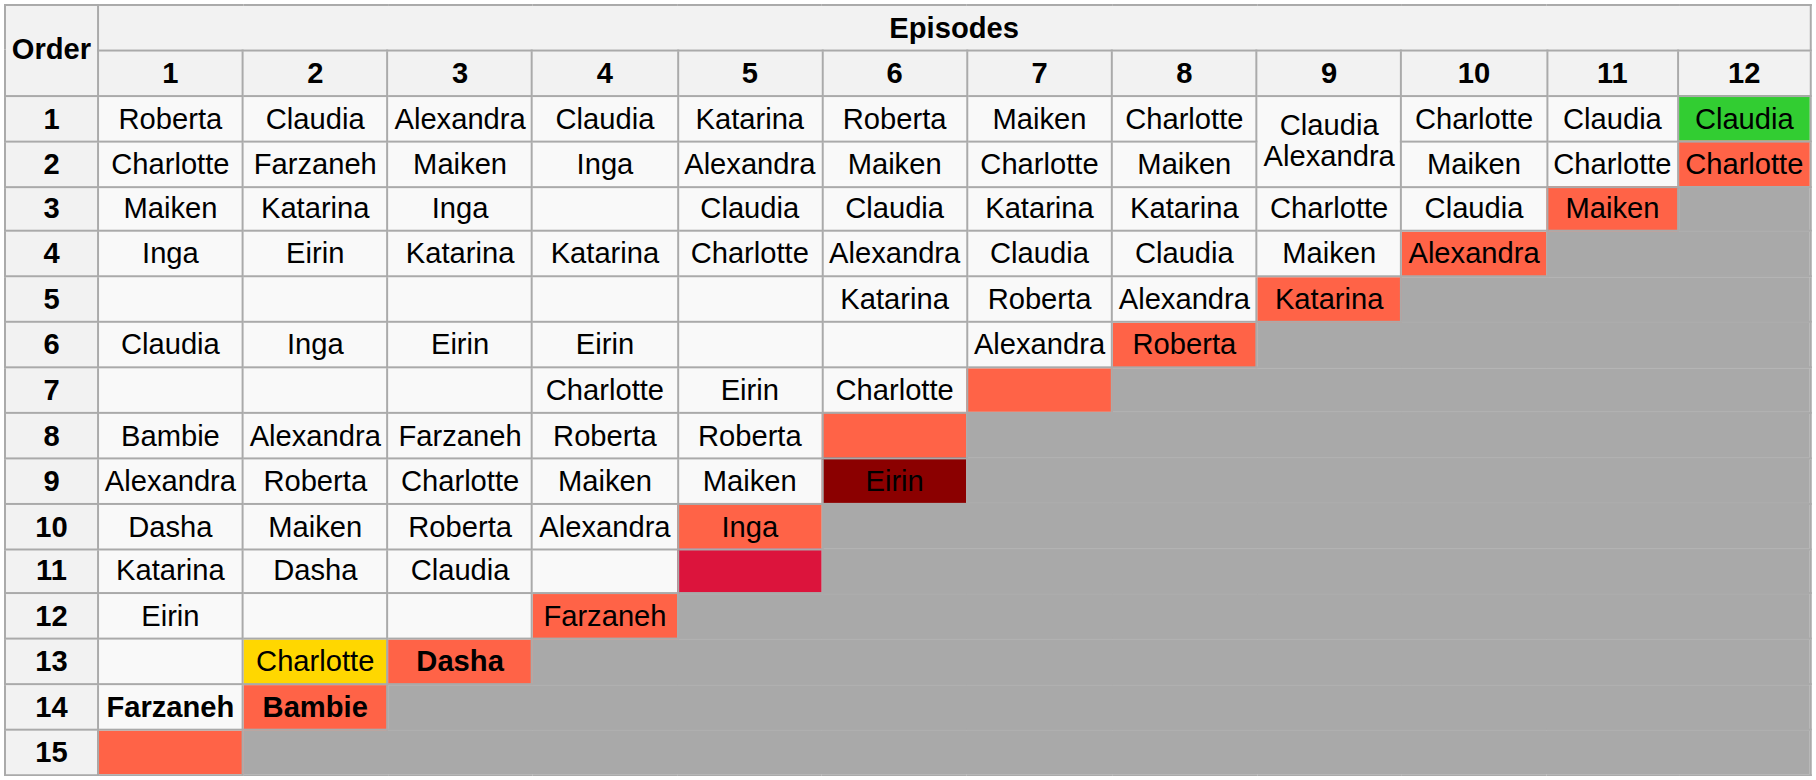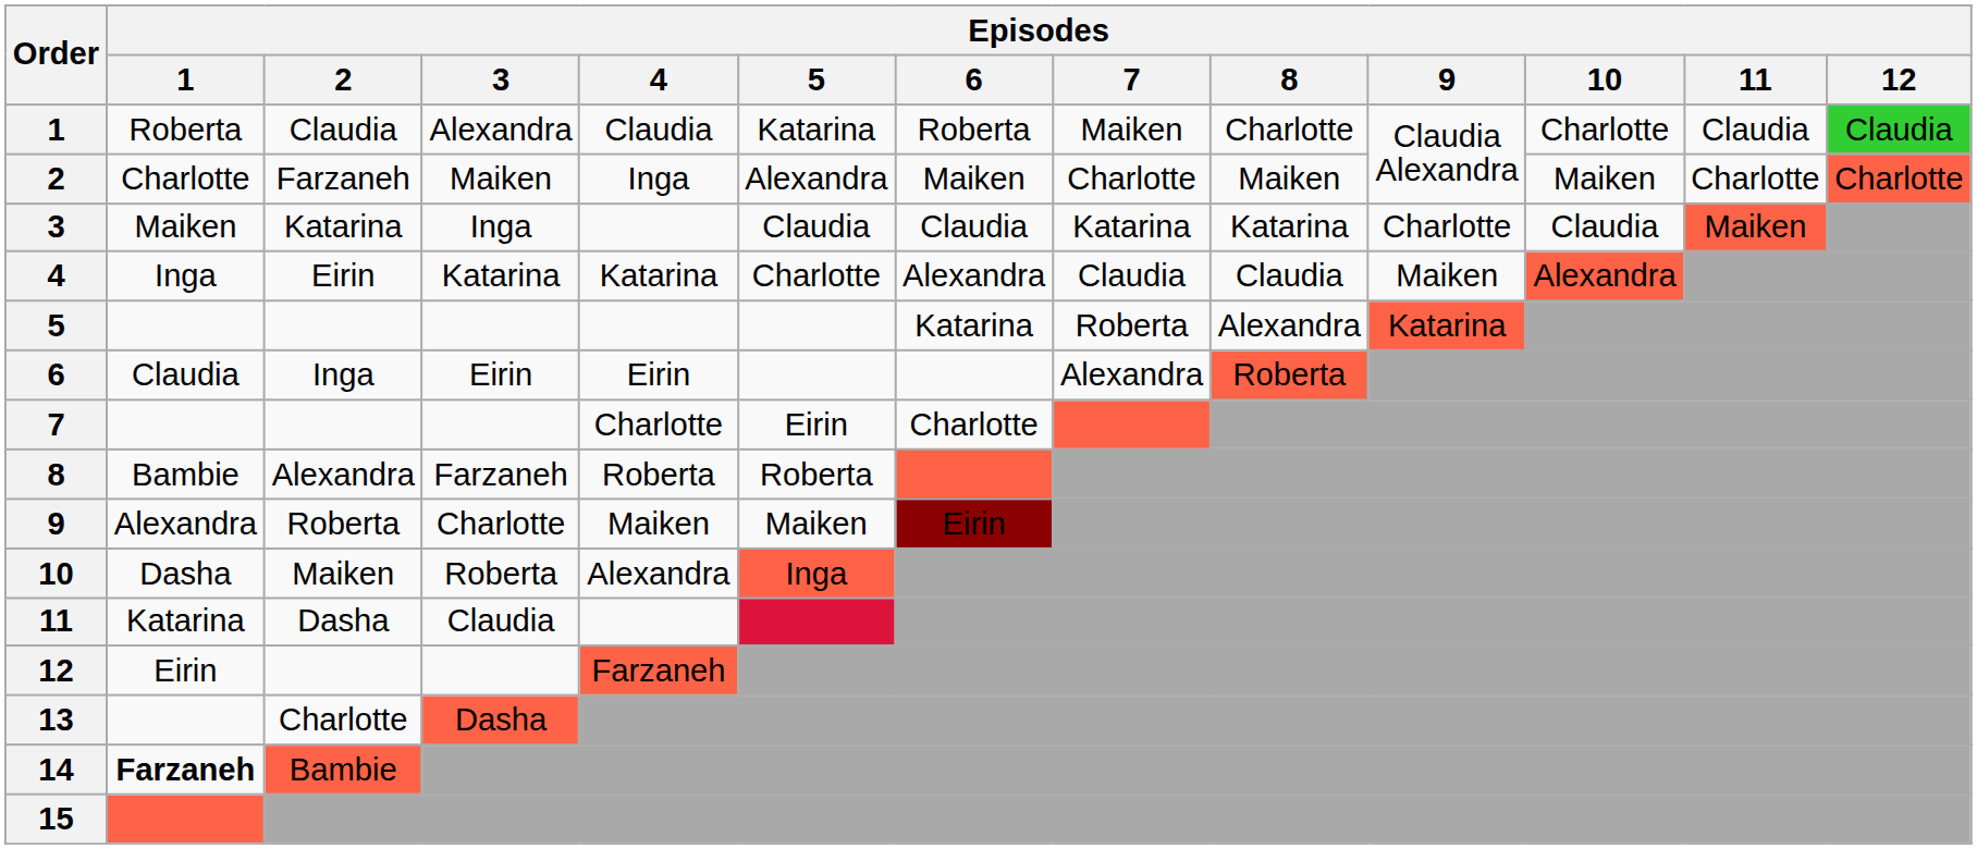 <table class="wikitable" style="text-align:center; font-size:92%">
 <tr>
 <th rowspan=2>Order</th>
 <th colspan=18>Episodes</th>
 </tr>
 <tr>
 <th>1</th>
 <th>2</th>
 <th>3</th>
 <th>4</th>
 <th>5</th>
 <th>6</th>
 <th>7</th>
 <th>8</th>
 <th>9</th>
 <th>10</th>
 <th>11</th>
 <th>12</th>
 </tr>
 <tr>
 <th>1</th>
 <td>Roberta</td>
 <td>Claudia</td>
 <td>Alexandra</td>
 <td>Claudia</td>
 <td>Katarina</td>
 <td>Roberta</td>
 <td>Maiken</td>
 <td>Charlotte</td>
 <td rowspan="2">Claudia<br>Alexandra</td>
 <td>Charlotte</td>
 <td>Claudia</td>
 <td bgcolor="limegreen">Claudia</td>
 </tr>
 <tr>
 <th>2</th>
 <td>Charlotte</td>
 <td>Farzaneh</td>
 <td>Maiken</td>
 <td>Inga</td>
 <td>Alexandra</td>
 <td>Maiken</td>
 <td>Charlotte</td>
 <td>Maiken</td>
 <td>Maiken</td>
 <td>Charlotte</td>
 <td bgcolor="tomato">Charlotte</td>
 </tr>
 <tr>
 <th>3</th>
 <td>Maiken</td>
 <td>Katarina</td>
 <td>Inga</td>
 <td></td>
 <td>Claudia</td>
 <td>Claudia</td>
 <td>Katarina</td>
 <td>Katarina</td>
 <td>Charlotte</td>
 <td>Claudia</td>
 <td bgcolor="tomato">Maiken</td>
 <td bgcolor="A9A9A9"></td>
 </tr>
 <tr>
 <th>4</th>
 <td>Inga</td>
 <td>Eirin</td>
 <td>Katarina</td>
 <td>Katarina</td>
 <td>Charlotte</td>
 <td>Alexandra</td>
 <td>Claudia</td>
 <td>Claudia</td>
 <td>Maiken</td>
 <td bgcolor="tomato">Alexandra</td>
 <td colspan=4 bgcolor="A9A9A9"></td>
 </tr>
 <tr>
 <th>5</th>
 <td></td>
 <td></td>
 <td></td>
 <td></td>
 <td></td>
 <td>Katarina</td>
 <td>Roberta</td>
 <td>Alexandra</td>
 <td bgcolor="tomato">Katarina</td>
 <td colspan=4 bgcolor="A9A9A9"></td>
 </tr>
 <tr>
 <th>6</th>
 <td>Claudia</td>
 <td>Inga</td>
 <td>Eirin</td>
 <td>Eirin</td>
 <td></td>
 <td></td>
 <td>Alexandra</td>
 <td bgcolor="tomato">Roberta</td>
 <td colspan=5 bgcolor="A9A9A9"></td>
 </tr>
 <tr>
 <th>7</th>
 <td></td>
 <td></td>
 <td></td>
 <td>Charlotte</td>
 <td>Eirin</td>
 <td>Charlotte</td>
 <td bgcolor="tomato"></td>
 <td colspan=6 bgcolor="A9A9A9"></td>
 </tr>
 <tr>
 <th>8</th>
 <td>Bambie</td>
 <td>Alexandra</td>
 <td>Farzaneh</td>
 <td>Roberta</td>
 <td>Roberta</td>
 <td bgcolor="tomato"></td>
 <td colspan=7 bgcolor="A9A9A9"></td>
 </tr>
 <tr>
 <th>9</th>
 <td>Alexandra</td>
 <td>Roberta</td>
 <td>Charlotte</td>
 <td>Maiken</td>
 <td>Maiken</td>
 <td bgcolor="darkred"><span>Eirin</span></td>
 <td colspan=8 bgcolor="A9A9A9"></td>
 </tr>
 <tr>
 <th>10</th>
 <td>Dasha</td>
 <td>Maiken</td>
 <td>Roberta</td>
 <td>Alexandra</td>
 <td bgcolor="tomato">Inga</td>
 <td colspan=9 bgcolor="A9A9A9"></td>
 </tr>
 <tr>
 <th>11</th>
 <td>Katarina</td>
 <td>Dasha</td>
 <td>Claudia</td>
 <td></td>
 <td bgcolor="crimson"><span></span></td>
 <td colspan=9 bgcolor="A9A9A9"></td>
 </tr>
 <tr>
 <th>12</th>
 <td>Eirin</td>
 <td></td>
 <td></td>
 <td bgcolor="tomato">Farzaneh</td>
 <td colspan=10 bgcolor="A9A9A9"></td>
 </tr>
 <tr>
 <th>13</th>
 <td></td>
-<td style="background: gold;">Charlotte</td>
-<td bgcolor="tomato"><strong>Dasha</strong></td>
+<td>Charlotte</td>
+<td bgcolor="tomato">Dasha</td>
 <td colspan=11 bgcolor="A9A9A9"></td>
 </tr>
 <tr>
 <th>14</th>
 <td><strong>Farzaneh</strong></td>
-<td bgcolor="tomato"><strong>Bambie</strong></td>
+<td bgcolor="tomato">Bambie</td>
 <td colspan=11 bgcolor="A9A9A9"></td>
 </tr>
 <tr>
 <th>15</th>
 <td style="background:tomato"></td>
 <td colspan=11 bgcolor="A9A9A9"></td>
 </tr>
 </table>
